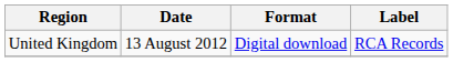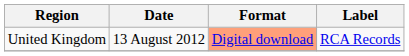 <table class=wikitable>
 <tr>
 <th scope="col">Region</th>
 <th scope="col">Date</th>
 <th scope="col">Format</th>
 <th scope="col">Label</th>
 </tr>
 <tr>
 <td>United Kingdom</td>
 <td>13 August 2012</td>
-<td><a href='#'>Digital download</a></td>
+<td style="background: lightsalmon;"><a href='#'>Digital download</a></td>
 <td><a href='#'>RCA Records</a></td>
 </tr>
 <tr>
 </tr>
 </table>
